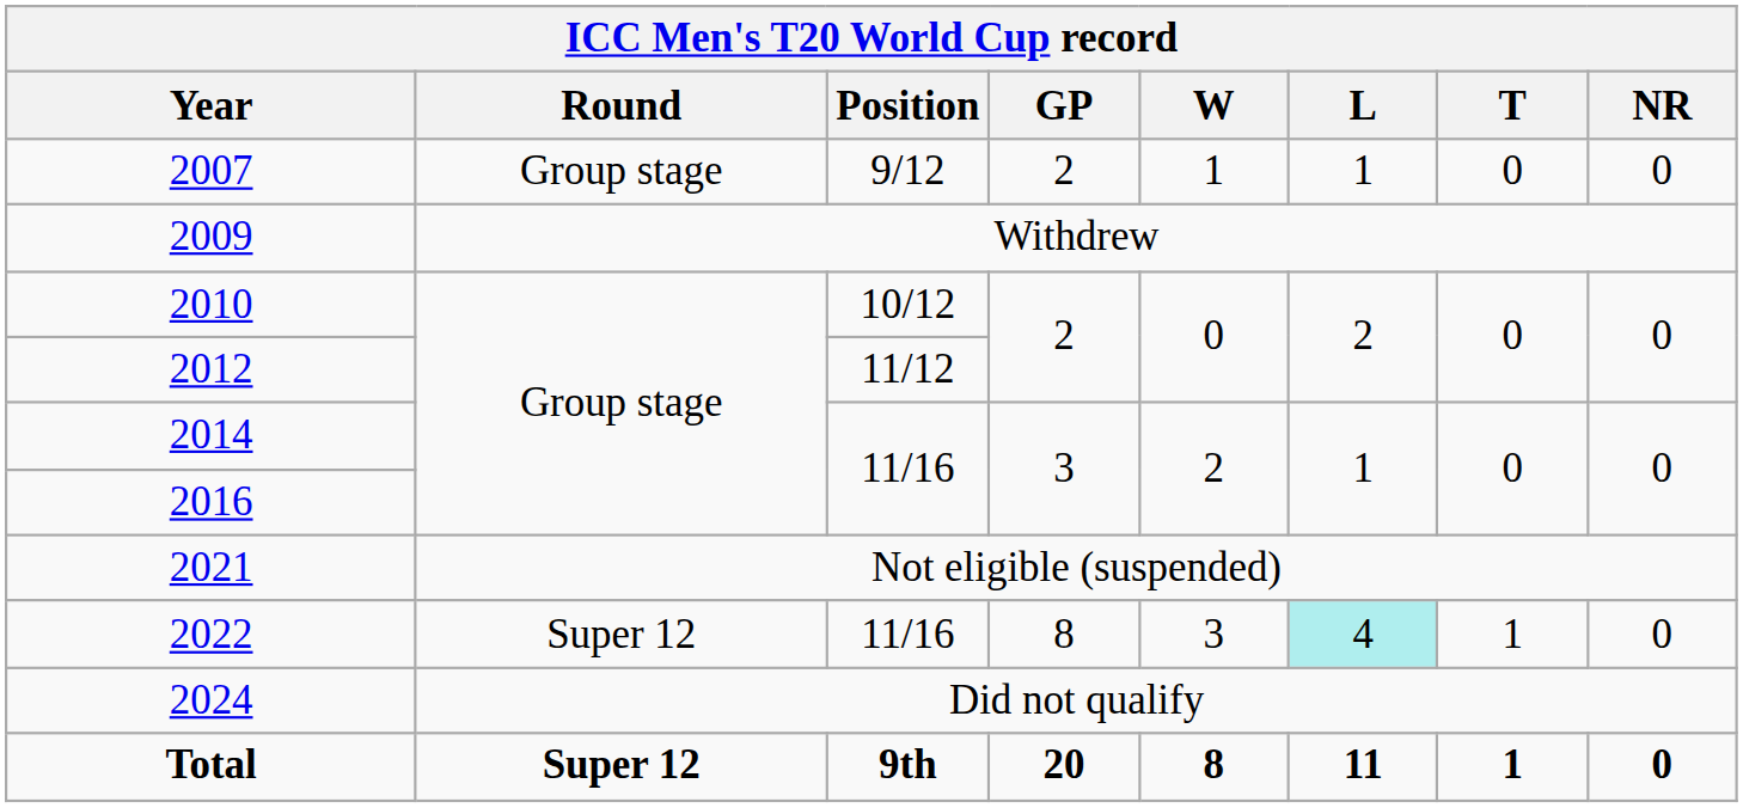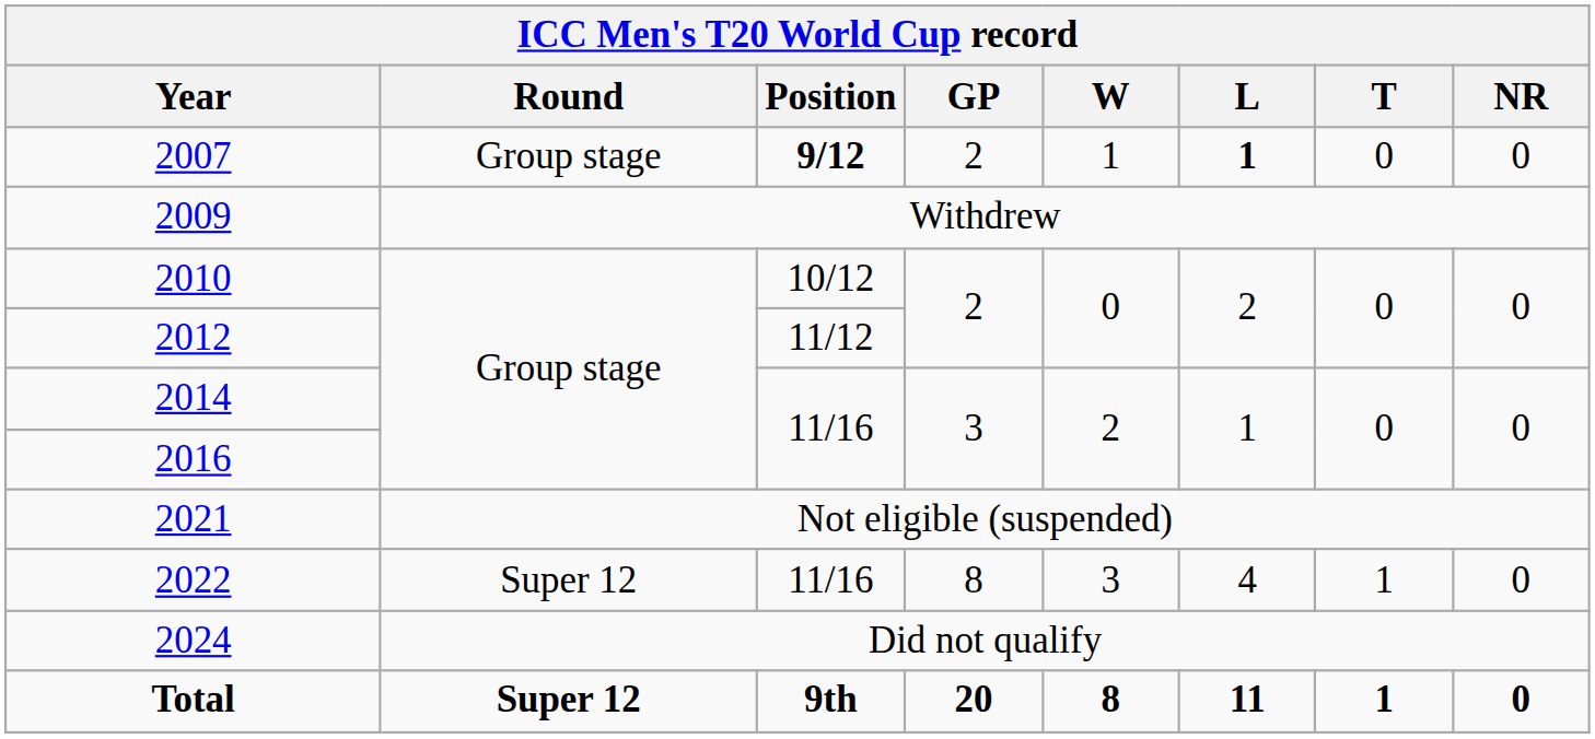 <table class="wikitable" style="text-align:center;width=900px">
 <tr>
 <th colspan="9"><a href='#'>ICC Men's T20 World Cup</a> record</th>
 </tr>
 <tr>
 <th width=150>Year</th>
 <th width=150>Round</th>
 <th width=50>Position</th>
 <th width=50>GP</th>
 <th width=50>W</th>
 <th width=50>L</th>
 <th width=50>T</th>
 <th width=50>NR</th>
 </tr>
 <tr>
 <td> <a href='#'>2007</a></td>
 <td>Group stage</td>
-<td>9/12</td>
+<td><strong>9/12</strong></td>
 <td>2</td>
 <td>1</td>
-<td>1</td>
+<td><strong>1</strong></td>
 <td>0</td>
 <td>0</td>
 </tr>
 <tr>
 <td> <a href='#'>2009</a></td>
 <td colspan="7">Withdrew</td>
 </tr>
 <tr>
 <td> <a href='#'>2010</a></td>
 <td rowspan=4>Group stage</td>
 <td>10/12</td>
 <td rowspan=2>2</td>
 <td rowspan=2>0</td>
 <td rowspan=2>2</td>
 <td rowspan=2>0</td>
 <td rowspan=2>0</td>
 </tr>
 <tr>
 <td> <a href='#'>2012</a></td>
 <td>11/12</td>
 </tr>
 <tr>
 <td> <a href='#'>2014</a></td>
 <td rowspan=2>11/16</td>
 <td rowspan=2>3</td>
 <td rowspan=2>2</td>
 <td rowspan=2>1</td>
 <td rowspan=2>0</td>
 <td rowspan=2>0</td>
 </tr>
 <tr>
 <td> <a href='#'>2016</a></td>
 </tr>
 <tr>
 <td>  <a href='#'>2021</a></td>
 <td colspan="7">Not eligible (suspended)</td>
 </tr>
 <tr>
 <td> <a href='#'>2022</a></td>
 <td>Super 12</td>
 <td>11/16</td>
 <td>8</td>
 <td>3</td>
-<td style="background: paleturquoise;">4</td>
+<td>4</td>
 <td>1</td>
 <td>0</td>
 </tr>
 <tr>
 <td> <a href='#'>2024</a></td>
 <td colspan="7">Did not qualify</td>
 </tr>
 <tr>
 <td><strong>Total</strong></td>
 <td><strong>Super 12</strong></td>
 <td><strong>9th</strong></td>
 <td><strong>20</strong></td>
 <td><strong>8</strong></td>
 <td><strong>11</strong></td>
 <td><strong>1</strong></td>
 <td><strong>0</strong></td>
 </tr>
 </table>
